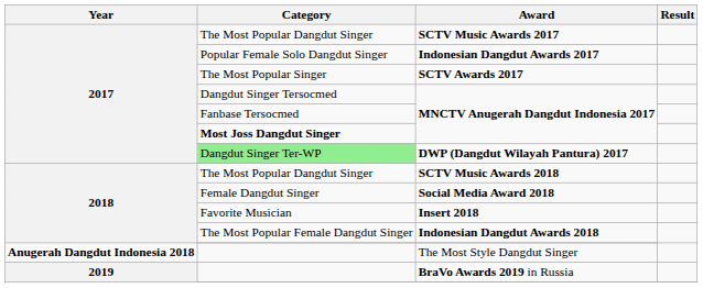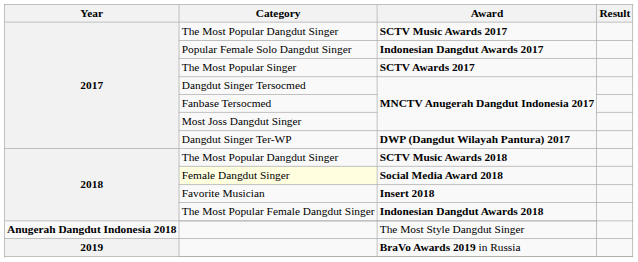 <table class="wikitable">
 <tr>
 <th>Year</th>
 <th>Category</th>
 <th>Award</th>
 <th>Result</th>
 </tr>
 <tr>
 <th rowspan= "7">2017</th>
 <td>The Most Popular Dangdut Singer</td>
 <td><strong>SCTV Music Awards 2017</strong></td>
 <td></td>
 </tr>
 <tr>
 <td>Popular Female Solo Dangdut Singer</td>
 <td><strong>Indonesian Dangdut Awards 2017</strong></td>
 <td></td>
 </tr>
 <tr>
 <td>The Most Popular Singer</td>
 <td><strong>SCTV Awards 2017</strong></td>
 <td></td>
 </tr>
 <tr>
 <td>Dangdut Singer Tersocmed</td>
 <td rowspan= "3"><strong>MNCTV Anugerah Dangdut Indonesia 2017</strong></td>
 <td></td>
 </tr>
 <tr>
 <td>Fanbase Tersocmed</td>
 <td></td>
 </tr>
 <tr>
-<td><strong>Most Joss Dangdut Singer</strong></td>
+<td>Most Joss Dangdut Singer</td>
 <td></td>
 </tr>
 <tr>
-<td style="background: lightgreen;">Dangdut Singer Ter-WP</td>
+<td>Dangdut Singer Ter-WP</td>
 <td rowspan= "1"><strong>DWP (Dangdut Wilayah Pantura) 2017</strong></td>
 <td></td>
 </tr>
 <tr>
 <th rowspan= "5">2018</th>
 <td>The Most Popular Dangdut Singer</td>
 <td><strong>SCTV Music Awards 2018</strong></td>
 <td></td>
 </tr>
 <tr>
-<td>Female Dangdut Singer</td>
+<td style="background: lightyellow;">Female Dangdut Singer</td>
 <td><strong>Social Media Award 2018</strong></td>
 <td></td>
 </tr>
 <tr>
 <td>Favorite Musician</td>
 <td><strong>Insert 2018</strong></td>
 <td></td>
 </tr>
 <tr>
 <td>The Most Popular Female Dangdut Singer</td>
 <td><strong>Indonesian Dangdut Awards 2018</strong></td>
 <td></td>
 </tr>
 <tr>
 </tr>
 <tr>
 <td><strong>Anugerah Dangdut Indonesia 2018</strong></td>
 <td></td>
 <td>The Most Style Dangdut Singer</td>
 </tr>
 <tr>
 <th rowspan= "5">2019</th>
 <td></td>
 <td><strong>BraVo Awards 2019</strong> in Russia</td>
 <td></td>
 </tr>
 <tr>
 </tr>
 </table>
